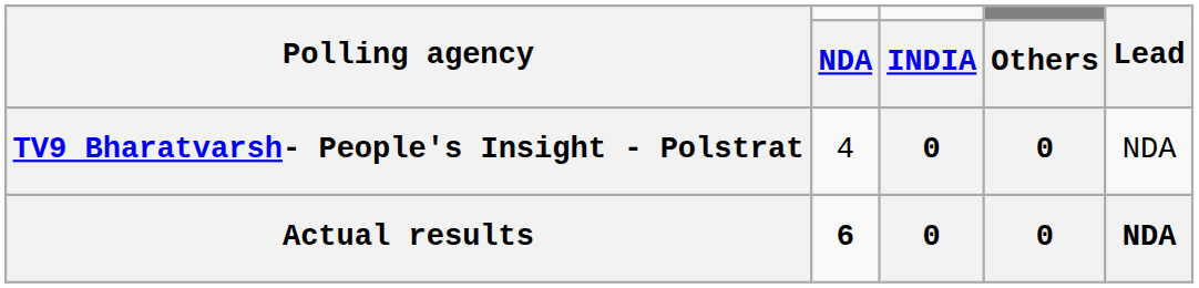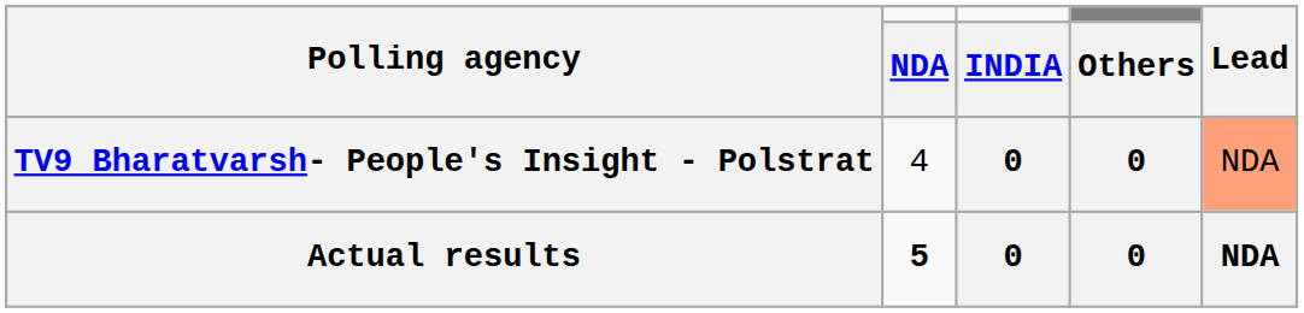 <table class="wikitable" style="text-align:center;font-size:95%;line-height:30px;">
 <tr>
 <th rowspan="2" class="wikitable">Polling agency</th>
 <td></td>
 <td></td>
 <td style="background:grey;"></td>
 <th rowspan="2">Lead</th>
 </tr>
 <tr>
 <th class="wikitable"><a href='#'>NDA</a></th>
 <th class="wikitable"><a href='#'>INDIA</a></th>
 <th class="wikitable">Others</th>
 </tr>
 <tr>
 <th><a href='#'>TV9 Bharatvarsh</a>- People's Insight - Polstrat</th>
 <td>4</td>
 <th>0</th>
 <th>0</th>
-<td>NDA</td>
+<td style="background: lightsalmon;">NDA</td>
 </tr>
 <tr>
 <th>Actual results</th>
-<td><strong>6</strong></td>
+<td><strong>5</strong></td>
 <th>0</th>
 <th>0</th>
 <th style="background:"><strong>NDA</strong></th>
 </tr>
 </table>
